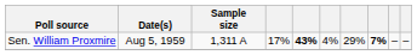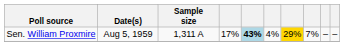 <table class="wikitable" style="font-size:90%;text-align:center;">
 <tr valign=bottom style="font-size:90%;">
 <th>Poll source</th>
 <th style="width:90px;">Date(s)</th>
 <th style="width:90px;">Sample<br>size</th>
 <th></th>
 <th></th>
 <th></th>
 <th></th>
 <th></th>
 <th></th>
 <th></th>
 </tr>
 <tr>
 <td>Sen. <a href='#'>William Proxmire</a></td>
 <td>Aug 5, 1959</td>
 <td>1,311 A</td>
 <td>17%</td>
-<td><strong>43%</strong></td>
+<td style="background: lightblue;"><strong>43%</strong></td>
 <td>4%</td>
-<td>29%</td>
-<td><strong>7%</strong></td>
+<td style="background: gold;">29%</td>
+<td>7%</td>
 <td>–</td>
 <td>–</td>
 </tr>
 <tr>
 </tr>
 </table>
